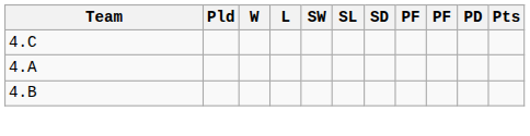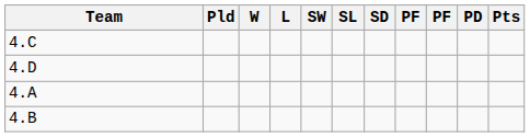 <table class=wikitable style="text-align:center">
 <tr>
 <th width=160>Team</th>
 <th width=20>Pld</th>
 <th width=20>W</th>
 <th width=20>L</th>
 <th width=20>SW</th>
 <th width=20>SL</th>
 <th width=20>SD</th>
 <th width=20>PF</th>
 <th width=20>PF</th>
 <th width=20>PD</th>
 <th width=20>Pts</th>
 </tr>
 <tr style="background:">
 <td style="text-align: left;">4.C</td>
+<td></td>
+<td></td>
+<td></td>
+<td></td>
+<td></td>
+<td></td>
+<td></td>
+<td></td>
+<td></td>
+<td></td>
+</tr>
+<tr style="background:">
+<td style="text-align: left;">4.D</td>
 <td></td>
 <td></td>
 <td></td>
 <td></td>
 <td></td>
 <td></td>
 <td></td>
 <td></td>
 <td></td>
 <td></td>
 </tr>
 <tr style="background:">
 <td style="text-align: left;">4.A</td>
 <td></td>
 <td></td>
 <td></td>
 <td></td>
 <td></td>
 <td></td>
 <td></td>
 <td></td>
 <td></td>
 <td></td>
 </tr>
 <tr style="background:">
 <td style="text-align: left;">4.B</td>
 <td></td>
 <td></td>
 <td></td>
 <td></td>
 <td></td>
 <td></td>
 <td></td>
 <td></td>
 <td></td>
 <td></td>
 </tr>
 </table>
